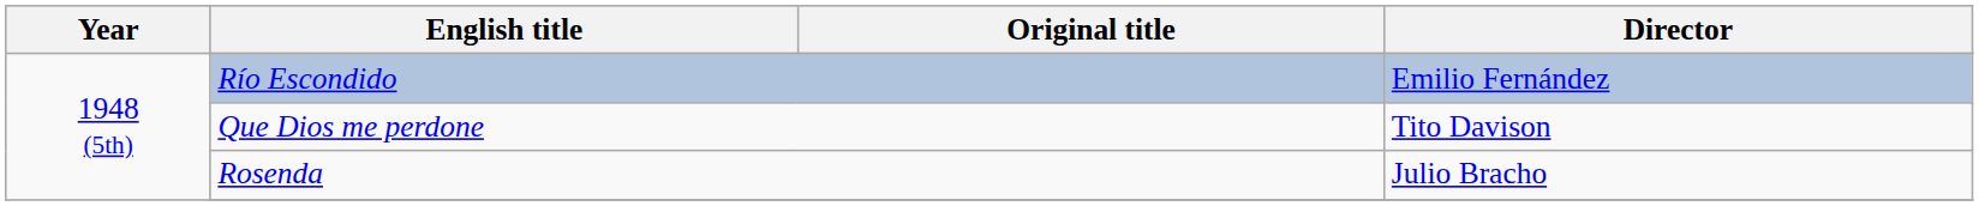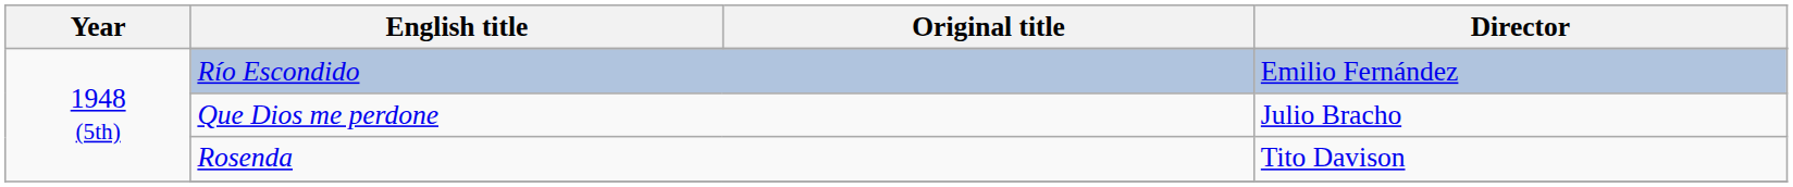 <table class="wikitable">
 <tr>
 <th width="100"><strong>Year</strong></th>
 <th width="300"><strong>English title</strong></th>
 <th width="300"><strong>Original title</strong></th>
 <th width="300"><strong>Director</strong></th>
 </tr>
 <tr>
 <td rowspan="6" style="text-align:center;"><a href='#'>1948</a><br><small><a href='#'>(5th)</a></small></td>
 </tr>
 <tr style="background:#B0C4DE;">
 <td colspan="2"><a href='#'><em>Río Escondido</em></a></td>
 <td><a href='#'>Emilio Fernández</a></td>
 </tr>
 <tr>
 <td colspan="2"><em><a href='#'>Que Dios me perdone</a></em></td>
-<td><a href='#'>Tito Davison</a></td>
+<td><a href='#'>Julio Bracho</a></td>
 </tr>
 <tr>
 <td colspan="2"><em><a href='#'>Rosenda</a></em></td>
-<td><a href='#'>Julio Bracho</a></td>
+<td><a href='#'>Tito Davison</a></td>
 </tr>
 <tr>
 </tr>
 </table>
